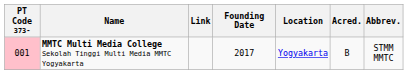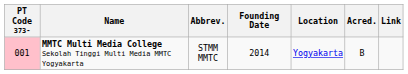 <table class="wikitable sortable" style="width:100%; text-align:center;">
 <tr>
 <th>PT Code<br><small>373-</small></th>
 <th>Name</th>
-<th class="unsortable">Link</th>
+<th>Abbrev.</th>
 <th data-sort-type="date">Founding  Date</th>
 <th>Location</th>
 <th>Acred.</th>
-<th>Abbrev.</th>
+<th class="unsortable">Link</th>
 </tr>
 <tr>
 <td style="background: pink;">001</td>
 <td style="text-align:left;"><strong>MMTC Multi Media College</strong><br><small>Sekolah Tinggi Multi Media MMTC Yogyakarta</small></td>
-<td></td>
-<td>2017</td>
+<td>STMM<br>MMTC</td>
+<td>2014</td>
 <td style="text-align:left;"><a href='#'>Yogyakarta</a></td>
 <td>B</td>
-<td>STMM<br>MMTC</td>
+<td></td>
 </tr>
 </table>
